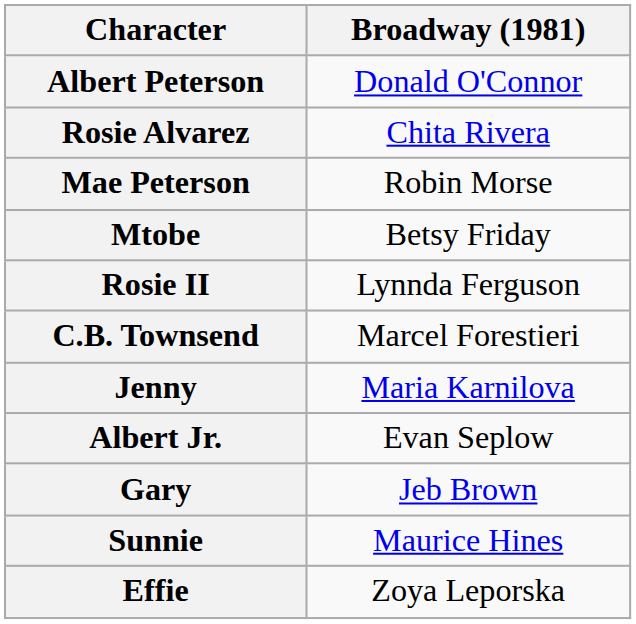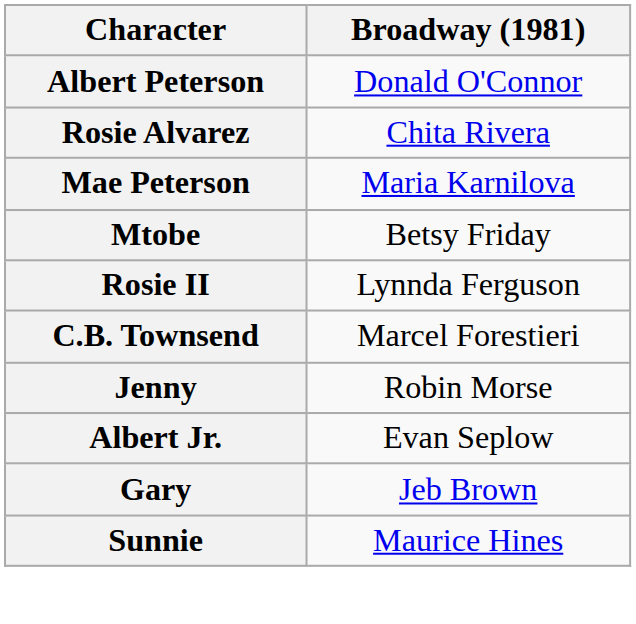 <table class="wikitable" style="width:50%; text-align:center">
 <tr>
 <th scope="col">Character</th>
 <th>Broadway (1981)</th>
 </tr>
 <tr>
 <th>Albert Peterson</th>
 <td colspan="1"><a href='#'>Donald O'Connor</a></td>
 </tr>
 <tr>
 <th>Rosie Alvarez</th>
 <td colspan="1”"><a href='#'>Chita Rivera</a></td>
 </tr>
 <tr>
 <th>Mae Peterson</th>
-<td colspan="1">Robin Morse</td>
+<td colspan="1”"><a href='#'>Maria Karnilova</a></td>
 </tr>
 <tr>
 <th>Mtobe</th>
 <td colspan="1">Betsy Friday</td>
 </tr>
 <tr>
 <th>Rosie II</th>
 <td colspan="1">Lynnda Ferguson</td>
 </tr>
 <tr>
 <th>C.B. Townsend</th>
 <td colspan="1">Marcel Forestieri</td>
 </tr>
 <tr>
 <th>Jenny</th>
-<td colspan="1”"><a href='#'>Maria Karnilova</a></td>
+<td colspan="1">Robin Morse</td>
 </tr>
 <tr>
 <th>Albert Jr.</th>
 <td colspan="1">Evan Seplow</td>
 </tr>
 <tr>
 <th>Gary</th>
 <td colspan="1"><a href='#'>Jeb Brown</a></td>
 </tr>
 <tr>
 <th>Sunnie</th>
 <td colspan="1"><a href='#'>Maurice Hines</a></td>
 </tr>
-<tr>
-<th>Effie</th>
-<td colspan="1">Zoya Leporska</td>
-</tr>
 </table>
